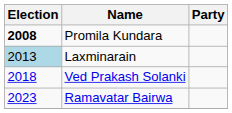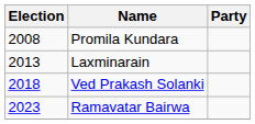 <table class="wikitable sortable">
 <tr>
 <th>Election</th>
 <th>Name</th>
 <th colspan=2>Party</th>
 </tr>
 <tr>
-<td><strong>2008</strong></td>
+<td>2008</td>
 <td>Promila Kundara</td>
 <td></td>
 </tr>
 <tr>
-<td style="background: lightblue;">2013</td>
+<td>2013</td>
 <td>Laxminarain</td>
 </tr>
 <tr>
 <td><a href='#'>2018</a></td>
 <td><a href='#'>Ved Prakash Solanki</a></td>
 <td></td>
 </tr>
 <tr>
 <td><a href='#'>2023</a></td>
 <td><a href='#'>Ramavatar Bairwa</a></td>
 <td></td>
 </tr>
 <tr>
 </tr>
 </table>
